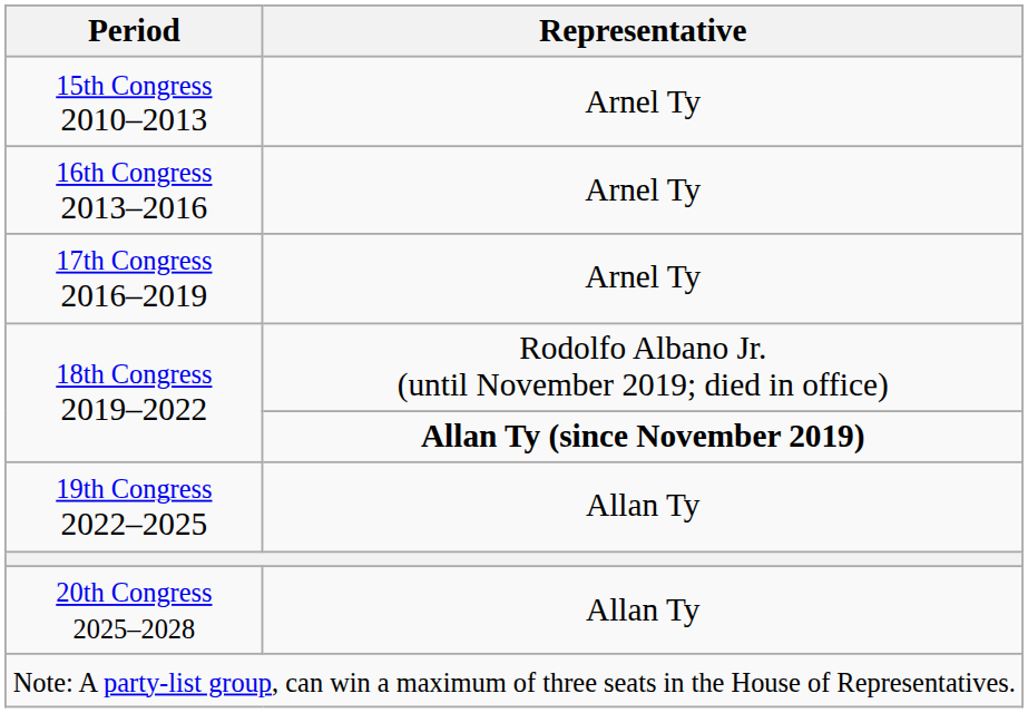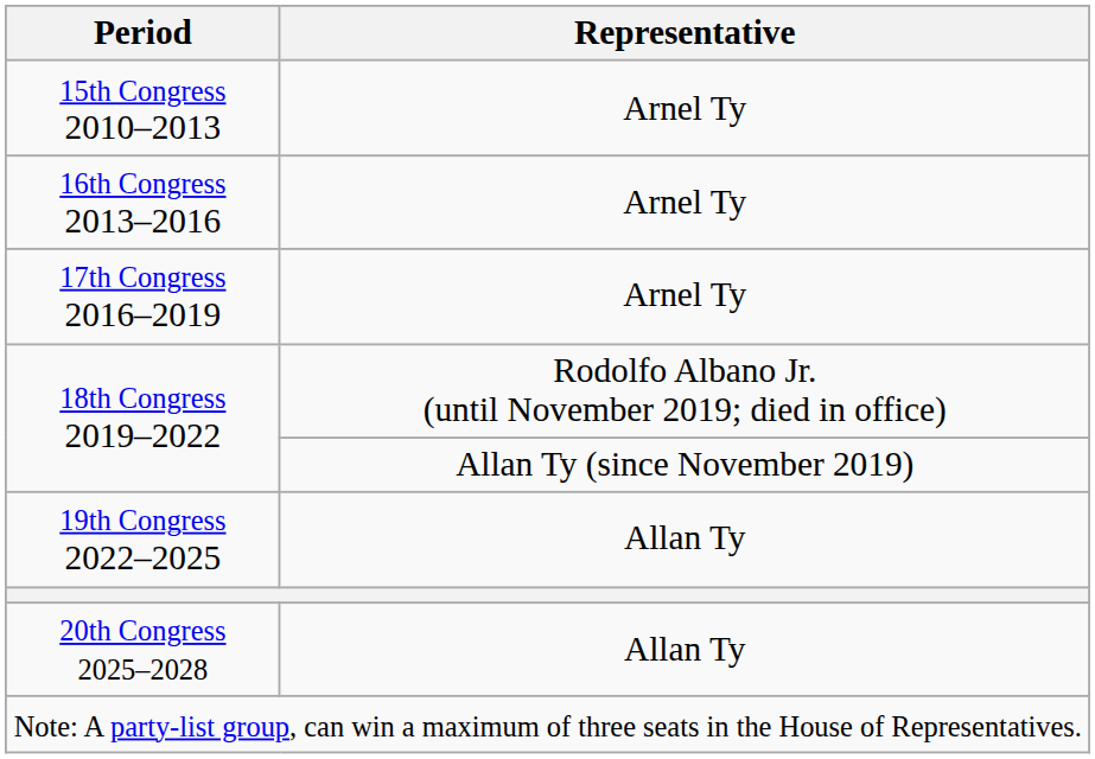 <table class="wikitable"; style="text-align:center">
 <tr>
 <th>Period</th>
 <th>Representative</th>
 </tr>
 <tr>
 <td><small><a href='#'>15th Congress</a></small><br>2010–2013</td>
 <td>Arnel Ty</td>
 </tr>
 <tr>
 <td><small><a href='#'>16th Congress</a></small><br>2013–2016</td>
 <td>Arnel Ty</td>
 </tr>
 <tr>
 <td><small><a href='#'>17th Congress</a></small><br>2016–2019</td>
 <td>Arnel Ty</td>
 </tr>
 <tr>
 <td rowspan=2><small><a href='#'>18th Congress</a></small><br>2019–2022</td>
 <td>Rodolfo Albano Jr.<br>(until November 2019; died in office)</td>
 </tr>
 <tr>
-<td><strong>Allan Ty (since November 2019)</strong></td>
+<td>Allan Ty (since November 2019)</td>
 </tr>
 <tr>
 <td><small><a href='#'>19th Congress</a></small><br>2022–2025</td>
 <td>Allan Ty</td>
 </tr>
 <tr>
 <th colspan=2></th>
 </tr>
 <tr>
 <td><small><a href='#'>20th Congress</a><br>2025–2028</small><br></td>
 <td>Allan Ty</td>
 </tr>
 <tr>
 <td colspan=2><small>Note: A <a href='#'>party-list group</a>, can win a maximum of three seats in the House of Representatives.</small></td>
 </tr>
 </table>
